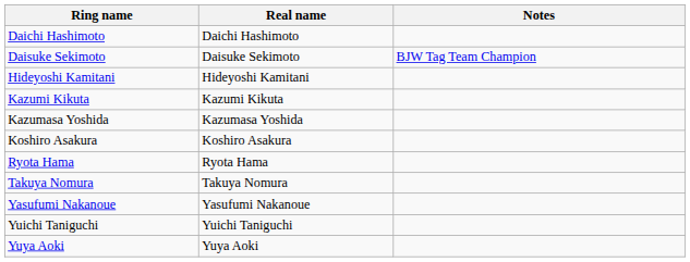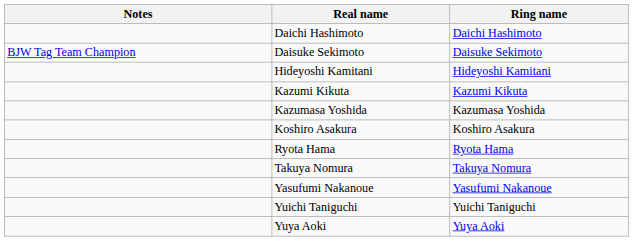 <table class="wikitable sortable" style="width:65%;">
 <tr>
+<th width="30%">Notes</th>
+<th width="20%">Real name</th>
 <th width="20%">Ring name</th>
-<th width="20%">Real name</th>
-<th width="30%">Notes</th>
 </tr>
 <tr>
+<td></td>
+<td>Daichi Hashimoto</td>
 <td><a href='#'>Daichi Hashimoto</a></td>
-<td>Daichi Hashimoto</td>
-<td></td>
 </tr>
 <tr>
+<td><a href='#'>BJW Tag Team Champion</a></td>
+<td>Daisuke Sekimoto</td>
 <td><a href='#'>Daisuke Sekimoto</a></td>
-<td>Daisuke Sekimoto</td>
-<td><a href='#'>BJW Tag Team Champion</a></td>
 </tr>
 <tr>
+<td></td>
+<td>Hideyoshi Kamitani</td>
 <td><a href='#'>Hideyoshi Kamitani</a></td>
-<td>Hideyoshi Kamitani</td>
-<td></td>
 </tr>
 <tr>
+<td></td>
+<td>Kazumi Kikuta</td>
 <td><a href='#'>Kazumi Kikuta</a></td>
-<td>Kazumi Kikuta</td>
-<td></td>
 </tr>
 <tr>
+<td></td>
 <td>Kazumasa Yoshida</td>
 <td>Kazumasa Yoshida</td>
-<td></td>
 </tr>
 <tr>
+<td></td>
 <td>Koshiro Asakura</td>
 <td>Koshiro Asakura</td>
-<td></td>
 </tr>
 <tr>
+<td></td>
+<td>Ryota Hama</td>
 <td><a href='#'>Ryota Hama</a></td>
-<td>Ryota Hama</td>
-<td></td>
 </tr>
 <tr>
+<td></td>
+<td>Takuya Nomura</td>
 <td><a href='#'>Takuya Nomura</a></td>
-<td>Takuya Nomura</td>
-<td></td>
 </tr>
 <tr>
+<td></td>
+<td>Yasufumi Nakanoue</td>
 <td><a href='#'>Yasufumi Nakanoue</a></td>
-<td>Yasufumi Nakanoue</td>
-<td></td>
 </tr>
 <tr>
+<td></td>
 <td>Yuichi Taniguchi</td>
 <td>Yuichi Taniguchi</td>
-<td></td>
 </tr>
 <tr>
+<td></td>
+<td>Yuya Aoki</td>
 <td><a href='#'>Yuya Aoki</a></td>
-<td>Yuya Aoki</td>
-<td></td>
 </tr>
 </table>
